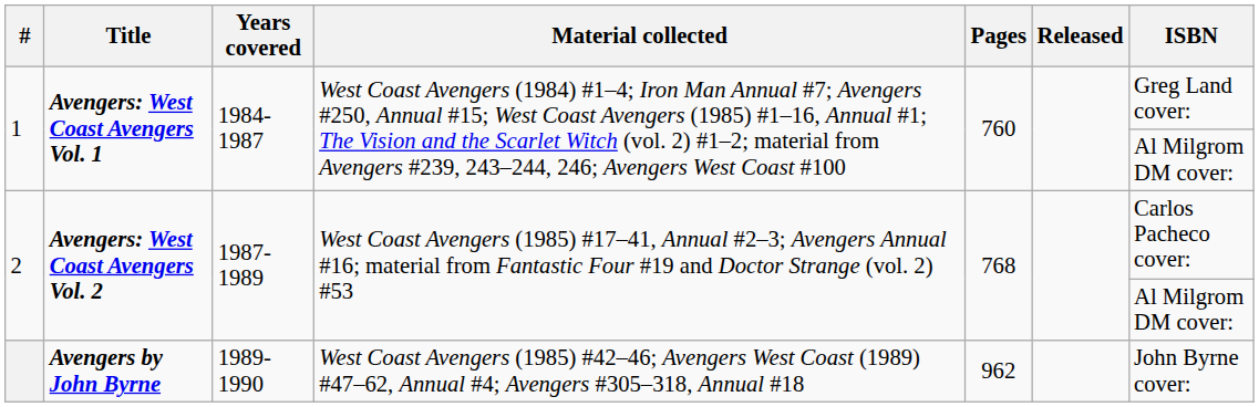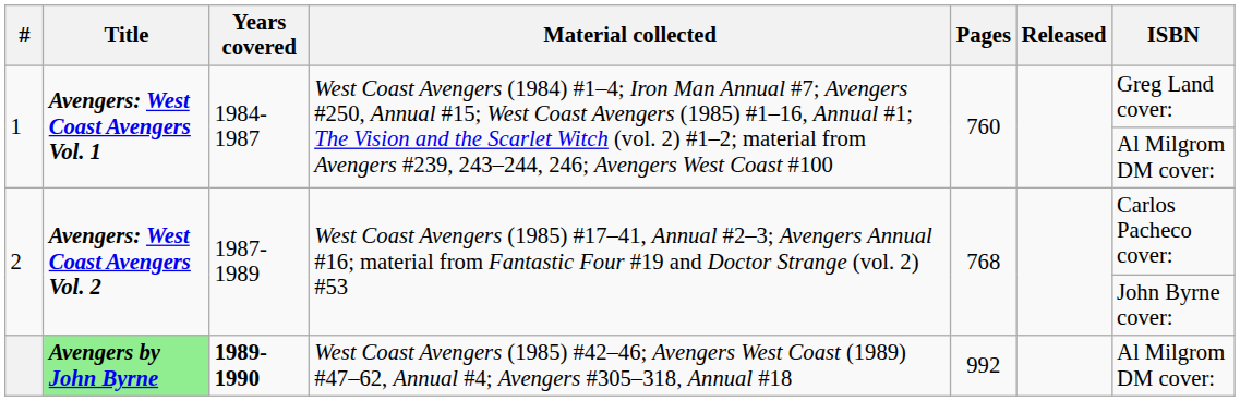 <table class="wikitable sortable" width="99%">
 <tr>
 <th class="unsortable" width="20px">#</th>
 <th>Title</th>
 <th>Years covered</th>
 <th class="unsortable">Material collected</th>
 <th>Pages</th>
 <th>Released</th>
 <th class="unsortable">ISBN</th>
 </tr>
 <tr>
 <td rowspan="2">1</td>
 <td rowspan="2"><strong><em>Avengers: <a href='#'>West Coast Avengers</a> Vol. 1</em></strong></td>
 <td rowspan="2">1984-1987</td>
 <td rowspan="2"><em>West Coast Avengers</em> (1984) #1–4; <em>Iron Man Annual</em> #7; <em>Avengers</em> #250, <em>Annual</em> #15; <em>West Coast Avengers</em> (1985) #1–16, <em>Annual</em> #1; <em><a href='#'>The Vision and the Scarlet Witch</a></em> (vol. 2) #1–2; material from <em>Avengers</em> #239, 243–244, 246; <em>Avengers West Coast</em> #100</td>
 <td rowspan="2" style="text-align: center;">760</td>
 <td rowspan="2"></td>
 <td>Greg Land cover: </td>
 </tr>
 <tr>
 <td>Al Milgrom DM cover: </td>
 </tr>
 <tr>
 <td rowspan="2">2</td>
 <td rowspan="2"><strong><em>Avengers: <a href='#'>West Coast Avengers</a> Vol. 2</em></strong></td>
 <td rowspan="2">1987-1989</td>
 <td rowspan="2"><em>West Coast Avengers</em> (1985) #17–41, <em>Annual</em> #2–3; <em>Avengers Annual</em> #16; material from <em>Fantastic Four</em> #19 and <em>Doctor Strange</em> (vol. 2) #53</td>
 <td rowspan="2" style="text-align: center;">768</td>
 <td rowspan="2"></td>
 <td>Carlos Pacheco cover: </td>
 </tr>
 <tr>
-<td>Al Milgrom DM cover: </td>
+<td>John Byrne cover: </td>
 </tr>
 <tr>
 <th></th>
-<td><strong><em>Avengers by <a href='#'>John Byrne</a></em></strong></td>
-<td>1989-1990</td>
+<td style="background: lightgreen;"><strong><em>Avengers by <a href='#'>John Byrne</a></em></strong></td>
+<td><strong>1989-1990</strong></td>
 <td><em>West Coast Avengers</em> (1985) #42–46; <em>Avengers West Coast</em> (1989) #47–62, <em>Annual</em> #4; <em>Avengers</em> #305–318, <em>Annual</em> #18</td>
-<td style="text-align: center;">962</td>
+<td style="text-align: center;">992</td>
 <td></td>
-<td>John Byrne cover: </td>
+<td>Al Milgrom DM cover: </td>
 </tr>
 </table>
